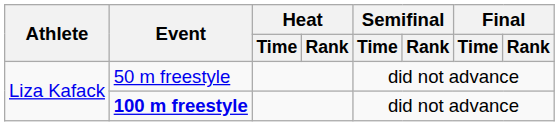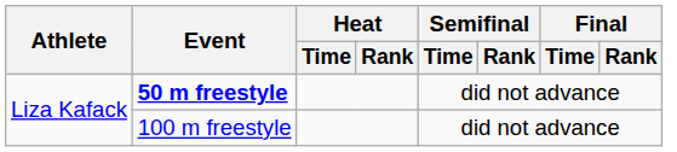 <table class=wikitable style="font-size:90%">
 <tr>
 <th rowspan="2">Athlete</th>
 <th rowspan="2">Event</th>
 <th colspan="2">Heat</th>
 <th colspan="2">Semifinal</th>
 <th colspan="2">Final</th>
 </tr>
 <tr style="font-size:95%">
 <th>Time</th>
 <th>Rank</th>
 <th>Time</th>
 <th>Rank</th>
 <th>Time</th>
 <th>Rank</th>
 </tr>
 <tr align=center>
 <td align=left rowspan=2><a href='#'>Liza Kafack</a></td>
-<td align=left><a href='#'>50 m freestyle</a></td>
+<td align=left><strong><a href='#'>50 m freestyle</a></strong></td>
 <td colspan=2></td>
 <td colspan=4>did not advance</td>
 </tr>
 <tr align=center>
-<td align=left><strong><a href='#'>100 m freestyle</a></strong></td>
+<td align=left><a href='#'>100 m freestyle</a></td>
 <td colspan=2></td>
 <td colspan=4>did not advance</td>
 </tr>
 </table>
